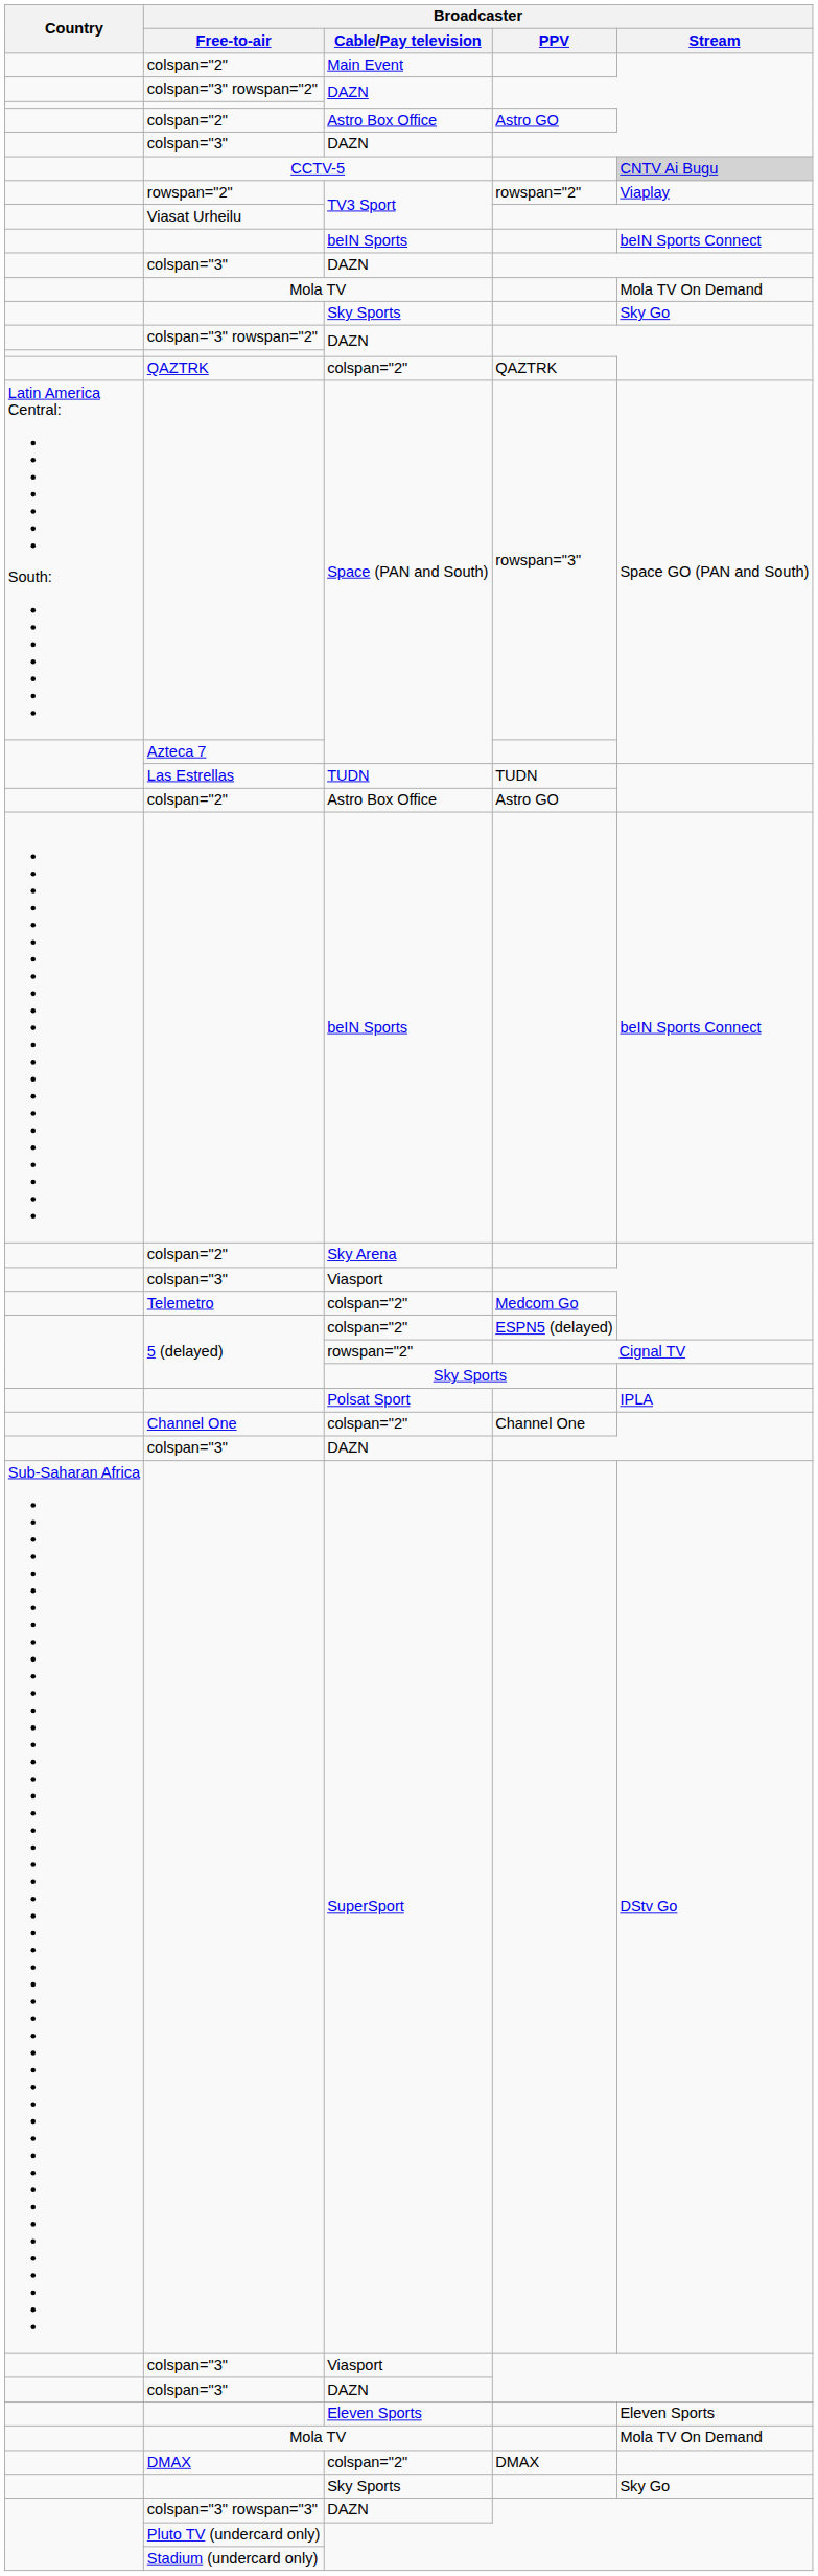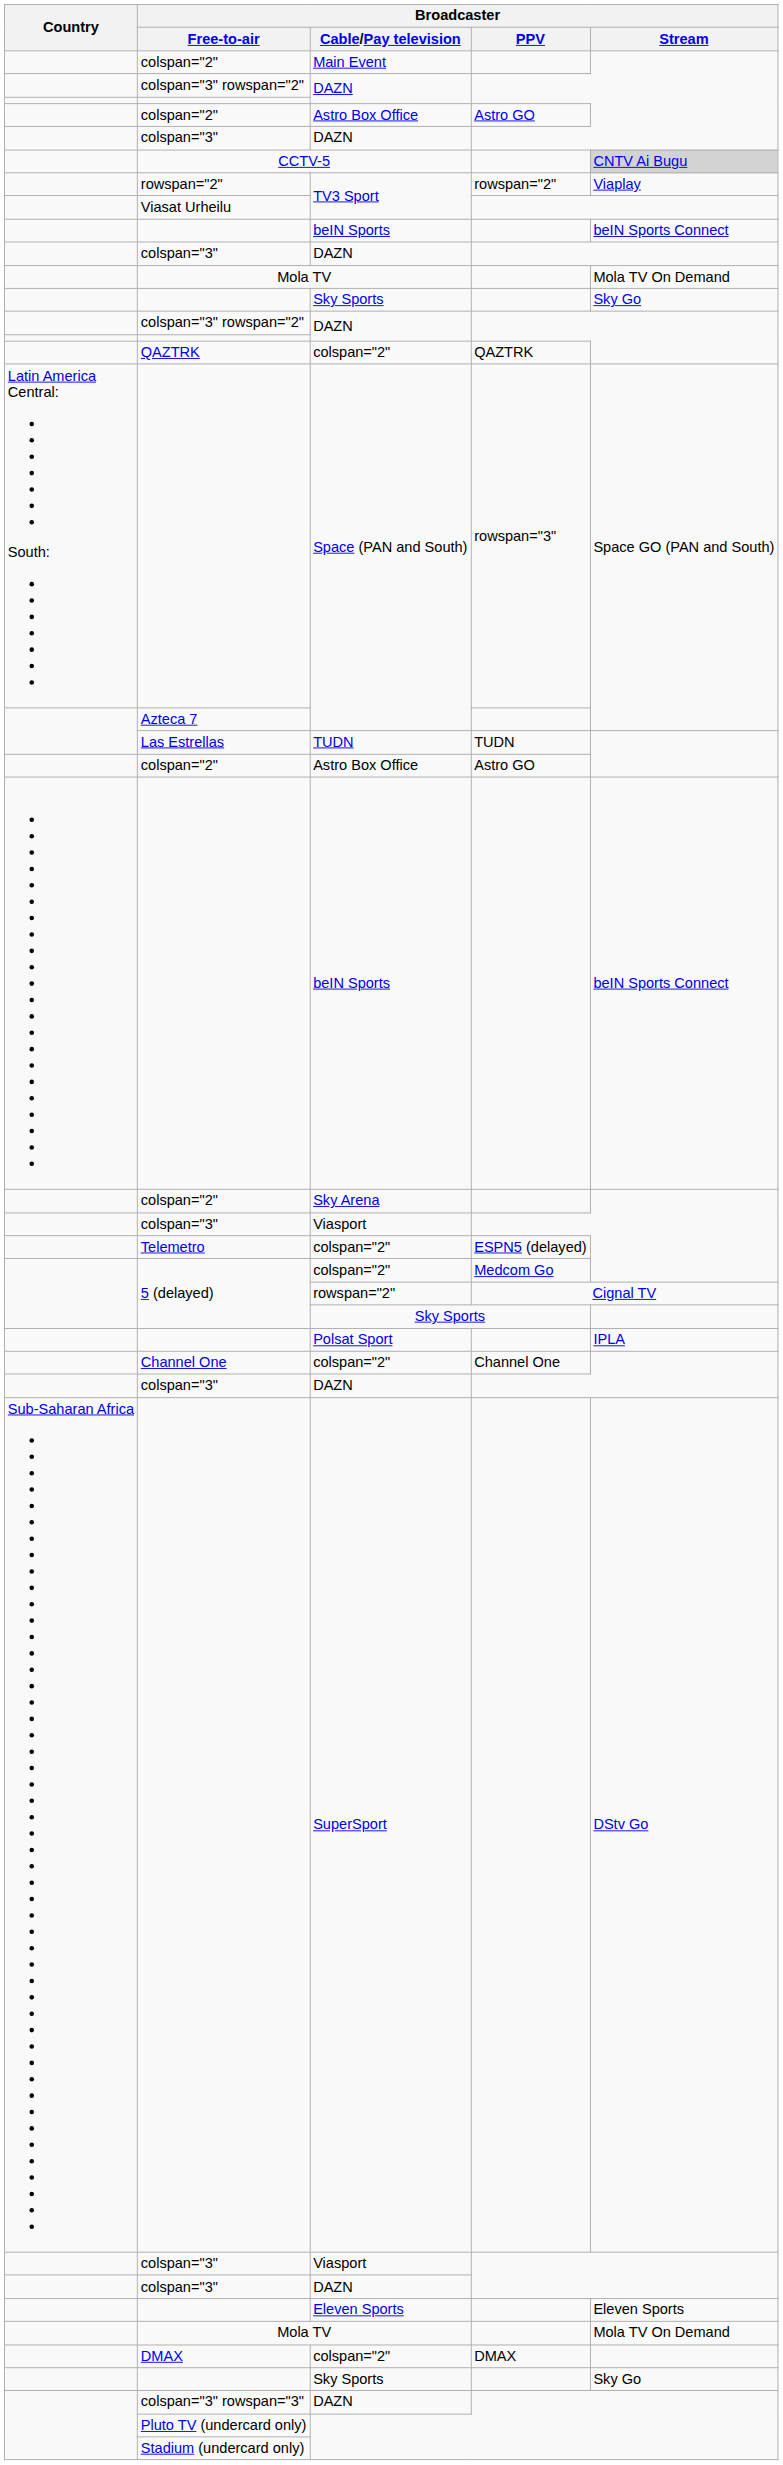 <table class="wikitable">
 <tr>
 <th rowspan="2">Country</th>
 <th colspan="4">Broadcaster</th>
 </tr>
 <tr>
 <th><a href='#'>Free-to-air</a></th>
 <th><a href='#'>Cable</a><strong>/</strong><a href='#'>Pay television</a></th>
 <th><a href='#'>PPV</a></th>
 <th><a href='#'>Stream</a></th>
 </tr>
 <tr>
 <td></td>
 <td>colspan="2" </td>
 <td><a href='#'>Main Event</a></td>
 <td></td>
 </tr>
 <tr>
 <td></td>
 <td>colspan="3" rowspan="2" </td>
 <td rowspan="2"><a href='#'>DAZN</a></td>
 </tr>
 <tr>
 <td></td>
 </tr>
 <tr>
 <td></td>
 <td>colspan="2" </td>
 <td><a href='#'>Astro Box Office</a></td>
 <td><a href='#'>Astro GO</a></td>
 </tr>
 <tr>
 <td></td>
 <td>colspan="3" </td>
 <td>DAZN</td>
 </tr>
 <tr>
 <td></td>
 <td colspan="2" align="center"><a href='#'>CCTV-5</a></td>
 <td></td>
 <td style="background: lightgrey;"><a href='#'>CNTV Ai Bugu</a></td>
 </tr>
 <tr>
 <td></td>
 <td>rowspan="2" </td>
 <td rowspan="2"><a href='#'>TV3 Sport</a></td>
 <td>rowspan="2" </td>
 <td><a href='#'>Viaplay</a></td>
 </tr>
 <tr>
 <td></td>
 <td>Viasat Urheilu</td>
 </tr>
 <tr>
 <td></td>
 <td></td>
 <td><a href='#'>beIN Sports</a></td>
 <td></td>
 <td><a href='#'>beIN Sports Connect</a></td>
 </tr>
 <tr>
 <td></td>
 <td>colspan="3" </td>
 <td>DAZN</td>
 </tr>
 <tr>
 <td></td>
 <td colspan="2" align="center">Mola TV</td>
 <td></td>
 <td>Mola TV On Demand</td>
 </tr>
 <tr>
 <td></td>
 <td></td>
 <td><a href='#'>Sky Sports</a></td>
 <td></td>
 <td><a href='#'>Sky Go</a></td>
 </tr>
 <tr>
 <td></td>
 <td>colspan="3" rowspan="2" </td>
 <td rowspan="2">DAZN</td>
 </tr>
 <tr>
 <td></td>
 </tr>
 <tr>
 <td></td>
 <td><a href='#'>QAZTRK</a></td>
 <td>colspan="2" </td>
 <td>QAZTRK</td>
 </tr>
 <tr>
 <td><a href='#'>Latin America</a><br>Central:<ul><li></li><li></li><li></li><li></li><li></li><li></li><li></li></ul>South:<ul><li></li><li></li><li></li><li></li><li></li><li></li><li></li></ul></td>
 <td></td>
 <td rowspan="2"><a href='#'>Space</a> (PAN and South)</td>
 <td>rowspan="3" </td>
 <td rowspan="2">Space GO (PAN and South)</td>
 </tr>
 <tr>
 <td rowspan="2"></td>
 <td><a href='#'>Azteca 7</a></td>
 </tr>
 <tr>
 <td><a href='#'>Las Estrellas</a></td>
 <td><a href='#'>TUDN</a></td>
 <td>TUDN</td>
 </tr>
 <tr>
 <td></td>
 <td>colspan="2" </td>
 <td>Astro Box Office</td>
 <td>Astro GO</td>
 </tr>
 <tr>
 <td><br><ul><li></li><li></li><li></li><li></li><li></li><li></li><li></li><li></li><li></li><li></li><li></li><li></li><li></li><li></li><li></li><li></li><li></li><li></li><li></li><li></li><li></li><li></li></ul></td>
 <td></td>
 <td><a href='#'>beIN Sports</a></td>
 <td></td>
 <td><a href='#'>beIN Sports Connect</a></td>
 </tr>
 <tr>
 <td></td>
 <td>colspan="2" </td>
 <td><a href='#'>Sky Arena</a></td>
 <td></td>
 </tr>
 <tr>
 <td></td>
 <td>colspan="3" </td>
 <td>Viasport</td>
 </tr>
 <tr>
 <td></td>
 <td><a href='#'>Telemetro</a></td>
 <td>colspan="2" </td>
-<td><a href='#'>Medcom Go</a></td>
+<td><a href='#'>ESPN5</a> (delayed)</td>
 </tr>
 <tr>
 <td rowspan="3"></td>
 <td rowspan="3"><a href='#'>5</a> (delayed)</td>
 <td>colspan="2" </td>
-<td><a href='#'>ESPN5</a> (delayed)</td>
+<td><a href='#'>Medcom Go</a></td>
 </tr>
 <tr>
 <td>rowspan="2" </td>
 <td colspan="2" align="center"><a href='#'>Cignal TV</a></td>
 </tr>
 <tr>
 <td colspan="2" align="center"><a href='#'>Sky Sports</a></td>
 </tr>
 <tr>
 <td></td>
 <td></td>
 <td><a href='#'>Polsat Sport</a></td>
 <td></td>
 <td><a href='#'>IPLA</a></td>
 </tr>
 <tr>
 <td></td>
 <td><a href='#'>Channel One</a></td>
 <td>colspan="2" </td>
 <td>Channel One</td>
 </tr>
 <tr>
 <td></td>
 <td>colspan="3" </td>
 <td>DAZN</td>
 </tr>
 <tr>
 <td><a href='#'>Sub-Saharan Africa</a><br><ul><li></li><li></li><li></li><li></li><li></li><li></li><li></li><li></li><li></li><li></li><li></li><li></li><li></li><li></li><li></li><li></li><li></li><li></li><li></li><li></li><li></li><li></li><li></li><li></li><li></li><li></li><li></li><li></li><li></li><li></li><li></li><li></li><li></li><li></li><li></li><li></li><li></li><li></li><li></li><li></li><li></li><li></li><li></li><li></li><li></li><li></li><li></li><li></li><li></li></ul></td>
 <td></td>
 <td><a href='#'>SuperSport</a></td>
 <td></td>
 <td><a href='#'>DStv Go</a></td>
 </tr>
 <tr>
 <td></td>
 <td>colspan="3" </td>
 <td>Viasport</td>
 </tr>
 <tr>
 <td></td>
 <td>colspan="3" </td>
 <td>DAZN</td>
 </tr>
 <tr>
 <td></td>
 <td></td>
 <td><a href='#'>Eleven Sports</a></td>
 <td></td>
 <td>Eleven Sports</td>
 </tr>
 <tr>
 <td></td>
 <td colspan="2" align="center">Mola TV</td>
 <td></td>
 <td>Mola TV On Demand</td>
 </tr>
 <tr>
 <td></td>
 <td><a href='#'>DMAX</a></td>
 <td>colspan="2" </td>
 <td>DMAX</td>
 </tr>
 <tr>
 <td></td>
 <td></td>
 <td>Sky Sports</td>
 <td></td>
 <td>Sky Go</td>
 </tr>
 <tr>
 <td rowspan="3"></td>
 <td>colspan="3" rowspan="3"  </td>
 <td>DAZN</td>
 </tr>
 <tr>
 <td><a href='#'>Pluto TV</a> (undercard only)</td>
 </tr>
 <tr>
 <td><a href='#'>Stadium</a> (undercard only)</td>
 </tr>
 </table>
